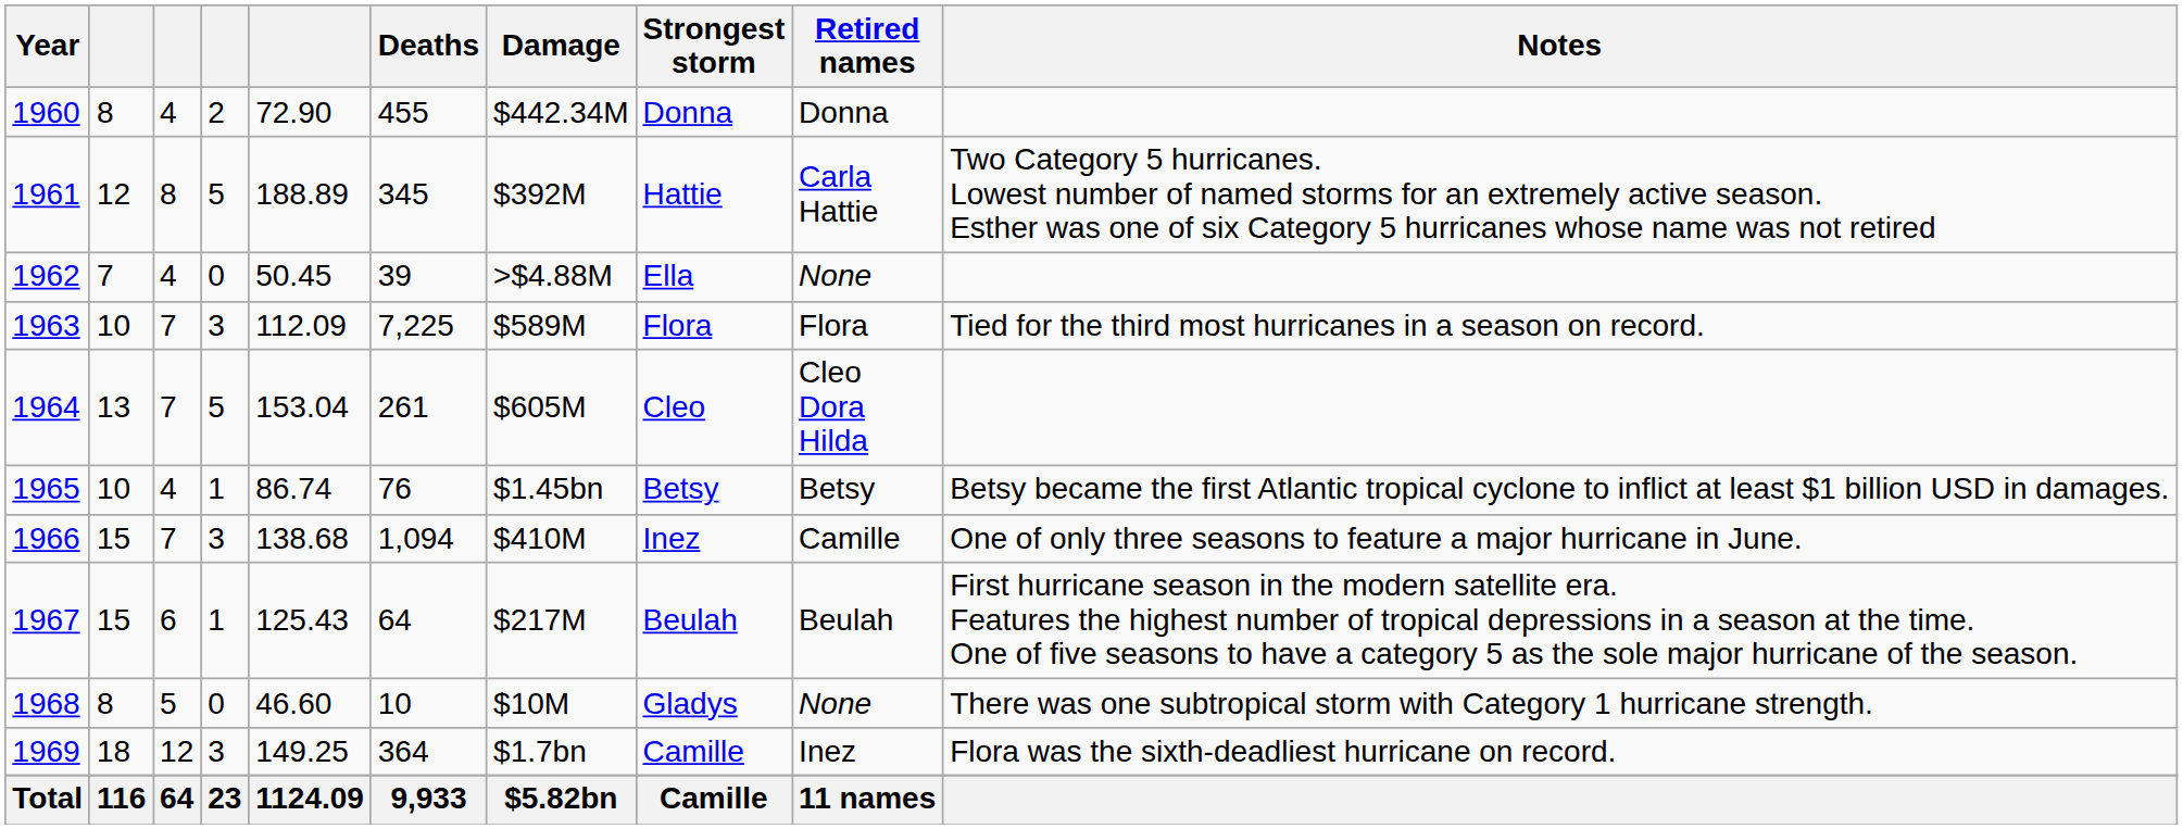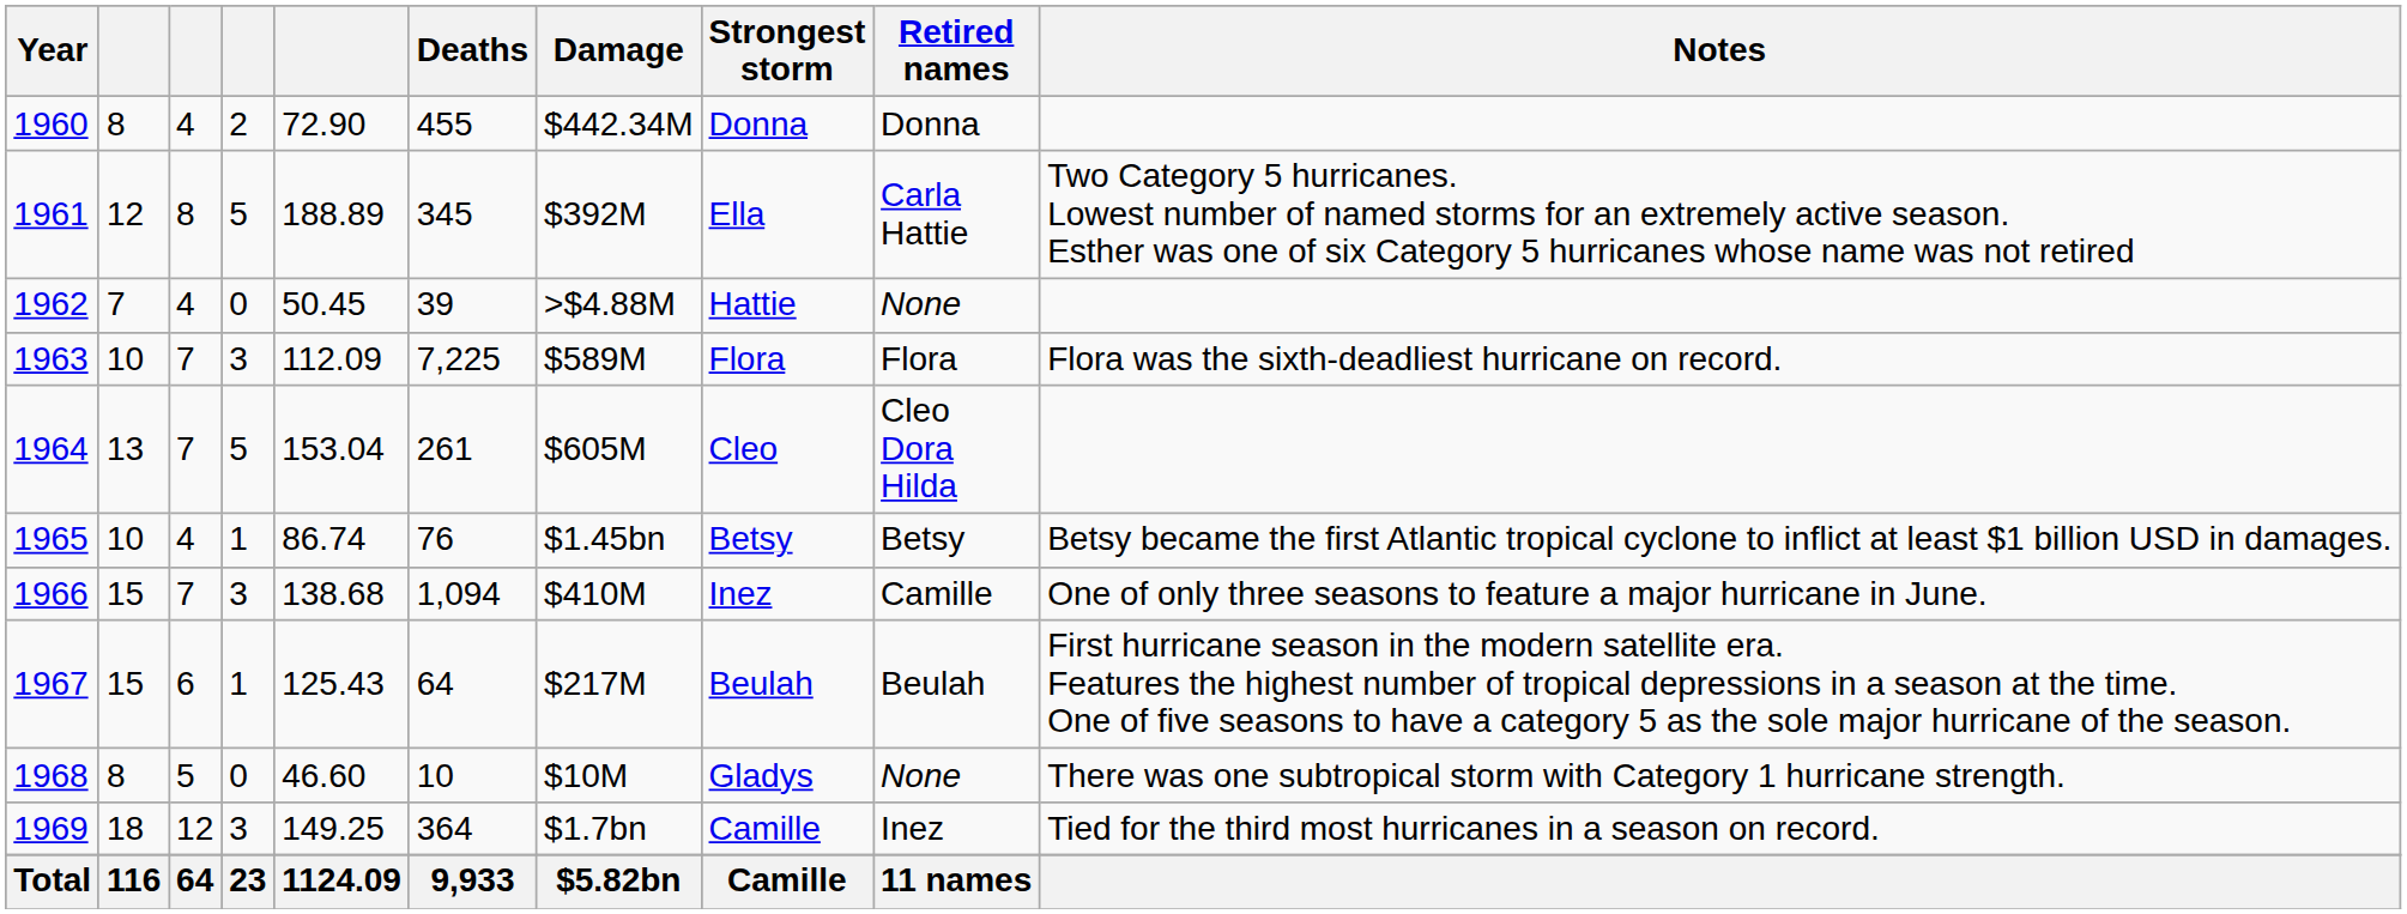 <table class="wikitable sortable">
 <tr>
 <th>Year</th>
 <th></th>
 <th></th>
 <th></th>
 <th></th>
 <th>Deaths</th>
 <th>Damage</th>
 <th>Strongest<br>storm</th>
 <th><a href='#'>Retired</a><br>names</th>
 <th>Notes</th>
 </tr>
 <tr>
 <td><a href='#'>1960</a></td>
 <td>8</td>
 <td>4</td>
 <td>2</td>
 <td>72.90</td>
 <td>455</td>
 <td>$442.34M</td>
 <td> <a href='#'>Donna</a></td>
 <td> Donna</td>
 <td></td>
 </tr>
 <tr>
 <td><a href='#'>1961</a></td>
 <td>12</td>
 <td>8</td>
 <td>5</td>
 <td>188.89</td>
 <td>345</td>
 <td>$392M</td>
-<td> <a href='#'>Hattie</a></td>
+<td> <a href='#'>Ella</a></td>
 <td> <a href='#'>Carla</a><br> Hattie</td>
 <td>Two Category 5 hurricanes.<br>Lowest number of named storms for an extremely active season.<br>Esther was one of six Category 5 hurricanes whose name was not retired</td>
 </tr>
 <tr>
 <td><a href='#'>1962</a></td>
 <td>7</td>
 <td>4</td>
 <td>0</td>
 <td>50.45</td>
 <td>39</td>
 <td>>$4.88M</td>
-<td> <a href='#'>Ella</a></td>
+<td> <a href='#'>Hattie</a></td>
 <td><em>None</em></td>
 <td></td>
 </tr>
 <tr>
 <td><a href='#'>1963</a></td>
 <td>10</td>
 <td>7</td>
 <td>3</td>
 <td>112.09</td>
 <td>7,225</td>
 <td>$589M</td>
 <td> <a href='#'>Flora</a></td>
 <td> Flora</td>
-<td>Tied for the third most hurricanes in a season on record.</td>
+<td>Flora was the sixth-deadliest hurricane on record.</td>
 </tr>
 <tr>
 <td><a href='#'>1964</a></td>
 <td>13</td>
 <td>7</td>
 <td>5</td>
 <td>153.04</td>
 <td>261</td>
 <td>$605M</td>
 <td> <a href='#'>Cleo</a></td>
 <td> Cleo<br> <a href='#'>Dora</a><br> <a href='#'>Hilda</a></td>
 <td></td>
 </tr>
 <tr>
 <td><a href='#'>1965</a></td>
 <td>10</td>
 <td>4</td>
 <td>1</td>
 <td>86.74</td>
 <td>76</td>
 <td>$1.45bn</td>
 <td> <a href='#'>Betsy</a></td>
 <td> Betsy</td>
 <td>Betsy became the first Atlantic tropical cyclone to inflict at least $1 billion USD in damages.</td>
 </tr>
 <tr>
 <td><a href='#'>1966</a></td>
 <td>15</td>
 <td>7</td>
 <td>3</td>
 <td>138.68</td>
 <td>1,094</td>
 <td>$410M</td>
 <td> <a href='#'>Inez</a></td>
 <td> Camille</td>
 <td>One of only three seasons to feature a major hurricane in June.</td>
 </tr>
 <tr>
 <td><a href='#'>1967</a></td>
 <td>15</td>
 <td>6</td>
 <td>1</td>
 <td>125.43</td>
 <td>64</td>
 <td>$217M</td>
 <td> <a href='#'>Beulah</a></td>
 <td> Beulah</td>
 <td>First hurricane season in the modern satellite era.<br>Features the highest number of tropical depressions in a season at the time.<br>One of five seasons to have a category 5 as the sole major hurricane of the season.</td>
 </tr>
 <tr>
 <td><a href='#'>1968</a></td>
 <td>8</td>
 <td>5</td>
 <td>0</td>
 <td>46.60</td>
 <td>10</td>
 <td>$10M</td>
 <td> <a href='#'>Gladys</a></td>
 <td><em>None</em></td>
 <td>There was one subtropical storm with Category 1 hurricane strength.</td>
 </tr>
 <tr>
 <td><a href='#'>1969</a></td>
 <td>18</td>
 <td>12</td>
 <td>3</td>
 <td>149.25</td>
 <td>364</td>
 <td>$1.7bn</td>
 <td> <a href='#'>Camille</a></td>
 <td> Inez</td>
-<td>Flora was the sixth-deadliest hurricane on record.</td>
+<td>Tied for the third most hurricanes in a season on record.</td>
 </tr>
 <tr>
 </tr>
 <tr class="sortbottom">
 <th>Total</th>
 <th>116</th>
 <th>64</th>
 <th>23</th>
 <th>1124.09</th>
 <th>9,933</th>
 <th>$5.82bn</th>
 <th>Camille</th>
 <th>11 names</th>
 <th></th>
 </tr>
 </table>
